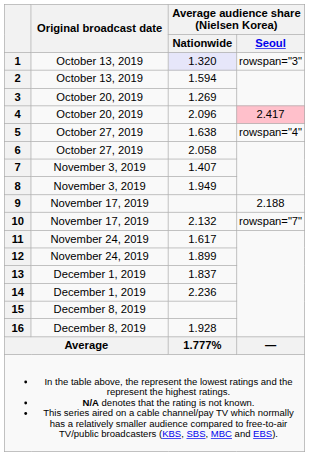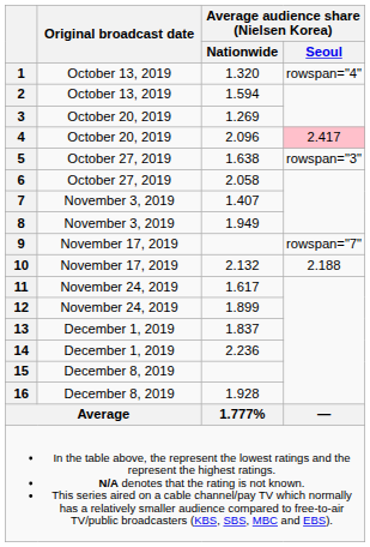 <table class="wikitable" style="text-align:center; width:430px">
 <tr>
 <th rowspan="2"></th>
 <th rowspan="2">Original broadcast date</th>
 <th colspan="2">Average audience share<br>(Nielsen Korea)</th>
 </tr>
 <tr>
 <th width="90">Nationwide</th>
 <th width="90"><a href='#'>Seoul</a></th>
 </tr>
 <tr>
 <th>1</th>
 <td>October 13, 2019</td>
-<td style="background: lavender;">1.320</td>
-<td>rowspan="3" </td>
+<td>1.320</td>
+<td>rowspan="4" </td>
 </tr>
 <tr>
 <th>2</th>
 <td>October 13, 2019</td>
 <td>1.594</td>
 </tr>
 <tr>
 <th>3</th>
 <td>October 20, 2019</td>
 <td>1.269</td>
 </tr>
 <tr>
 <th>4</th>
 <td>October 20, 2019</td>
 <td>2.096</td>
 <td style="background: pink;">2.417</td>
 </tr>
 <tr>
 <th>5</th>
 <td>October 27, 2019</td>
 <td>1.638</td>
-<td>rowspan="4" </td>
+<td>rowspan="3" </td>
 </tr>
 <tr>
 <th>6</th>
 <td>October 27, 2019</td>
 <td>2.058</td>
 </tr>
 <tr>
 <th>7</th>
 <td>November 3, 2019</td>
 <td>1.407</td>
 </tr>
 <tr>
 <th>8</th>
 <td>November 3, 2019</td>
 <td>1.949</td>
 </tr>
 <tr>
 <th>9</th>
 <td>November 17, 2019</td>
 <td></td>
-<td>2.188</td>
+<td>rowspan="7" </td>
 </tr>
 <tr>
 <th>10</th>
 <td>November 17, 2019</td>
 <td>2.132</td>
-<td>rowspan="7" </td>
+<td>2.188</td>
 </tr>
 <tr>
 <th>11</th>
 <td>November 24, 2019</td>
 <td>1.617</td>
 </tr>
 <tr>
 <th>12</th>
 <td>November 24, 2019</td>
 <td>1.899</td>
 </tr>
 <tr>
 <th>13</th>
 <td>December 1, 2019</td>
 <td>1.837</td>
 </tr>
 <tr>
 <th>14</th>
 <td>December 1, 2019</td>
 <td>2.236</td>
 </tr>
 <tr>
 <th>15</th>
 <td>December 8, 2019</td>
 <td></td>
 </tr>
 <tr>
 <th>16</th>
 <td>December 8, 2019</td>
 <td>1.928</td>
 </tr>
 <tr>
 <th colspan="2"><strong>Average</strong></th>
 <th><strong>1.777%</strong></th>
 <th><strong>—</strong></th>
 </tr>
 <tr>
 <td colspan="4" style="font-size:85%"><br><ul><li>In the table above, the <strong></strong> represent the lowest ratings and the <strong></strong> represent the highest ratings.</li><li><strong>N/A</strong> denotes that the rating is not known.</li><li>This series aired on a cable channel/pay TV which normally has a relatively smaller audience compared to free-to-air TV/public broadcasters (<a href='#'>KBS</a>, <a href='#'>SBS</a>, <a href='#'>MBC</a> and <a href='#'>EBS</a>).</li></ul></td>
 </tr>
 </table>
